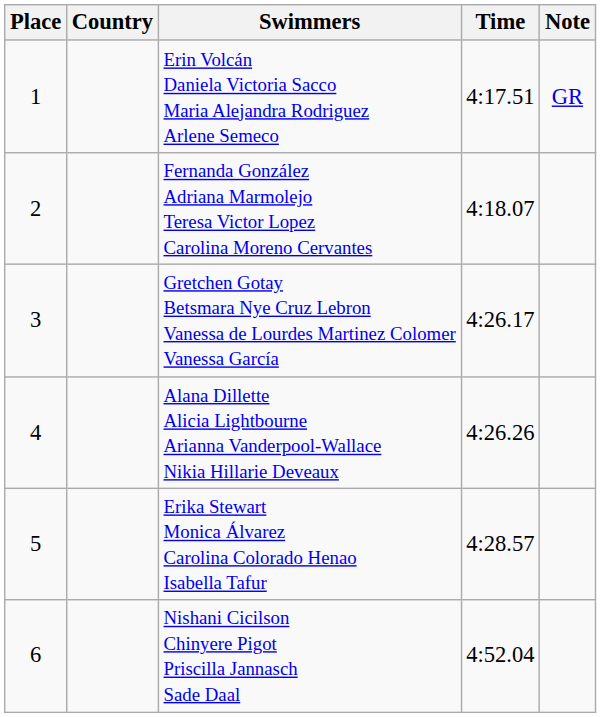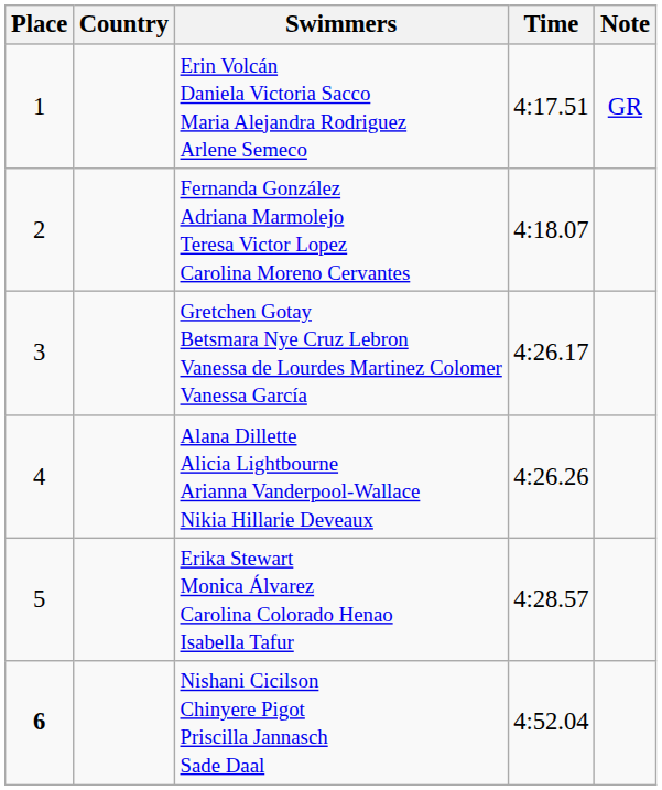 <table class="wikitable" style="text-align:center">
 <tr>
 <th>Place</th>
 <th>Country</th>
 <th>Swimmers</th>
 <th>Time</th>
 <th>Note</th>
 </tr>
 <tr>
 <td>1</td>
 <td align=left></td>
 <td align=left><small><a href='#'>Erin Volcán</a><br> <a href='#'>Daniela Victoria Sacco</a><br> <a href='#'>Maria Alejandra Rodriguez</a><br> <a href='#'>Arlene Semeco</a> </small></td>
 <td>4:17.51</td>
 <td><a href='#'>GR</a></td>
 </tr>
 <tr>
 <td>2</td>
 <td align=left></td>
 <td align=left><small><a href='#'>Fernanda González</a><br> <a href='#'>Adriana Marmolejo</a><br> <a href='#'>Teresa Victor Lopez</a><br> <a href='#'>Carolina Moreno Cervantes</a> </small></td>
 <td>4:18.07</td>
 <td></td>
 </tr>
 <tr>
 <td>3</td>
 <td align=left></td>
 <td align=left><small><a href='#'>Gretchen Gotay</a><br> <a href='#'>Betsmara Nye Cruz Lebron</a><br> <a href='#'>Vanessa de Lourdes Martinez Colomer</a><br> <a href='#'>Vanessa García</a> </small></td>
 <td>4:26.17</td>
 <td></td>
 </tr>
 <tr>
 <td>4</td>
 <td align=left></td>
 <td align=left><small><a href='#'>Alana Dillette</a><br> <a href='#'>Alicia Lightbourne</a><br> <a href='#'>Arianna Vanderpool-Wallace</a><br> <a href='#'>Nikia Hillarie Deveaux</a> </small></td>
 <td>4:26.26</td>
 <td></td>
 </tr>
 <tr>
 <td>5</td>
 <td align=left></td>
 <td align=left><small><a href='#'>Erika Stewart</a><br> <a href='#'>Monica Álvarez</a><br> <a href='#'>Carolina Colorado Henao</a><br> <a href='#'>Isabella Tafur</a> </small></td>
 <td>4:28.57</td>
 <td></td>
 </tr>
 <tr>
-<td>6</td>
+<td><strong>6</strong></td>
 <td align=left></td>
 <td align=left><small><a href='#'>Nishani Cicilson</a><br> <a href='#'>Chinyere Pigot</a><br> <a href='#'>Priscilla Jannasch</a><br> <a href='#'>Sade Daal</a> </small></td>
 <td>4:52.04</td>
 <td></td>
 </tr>
 <tr>
 </tr>
 </table>
